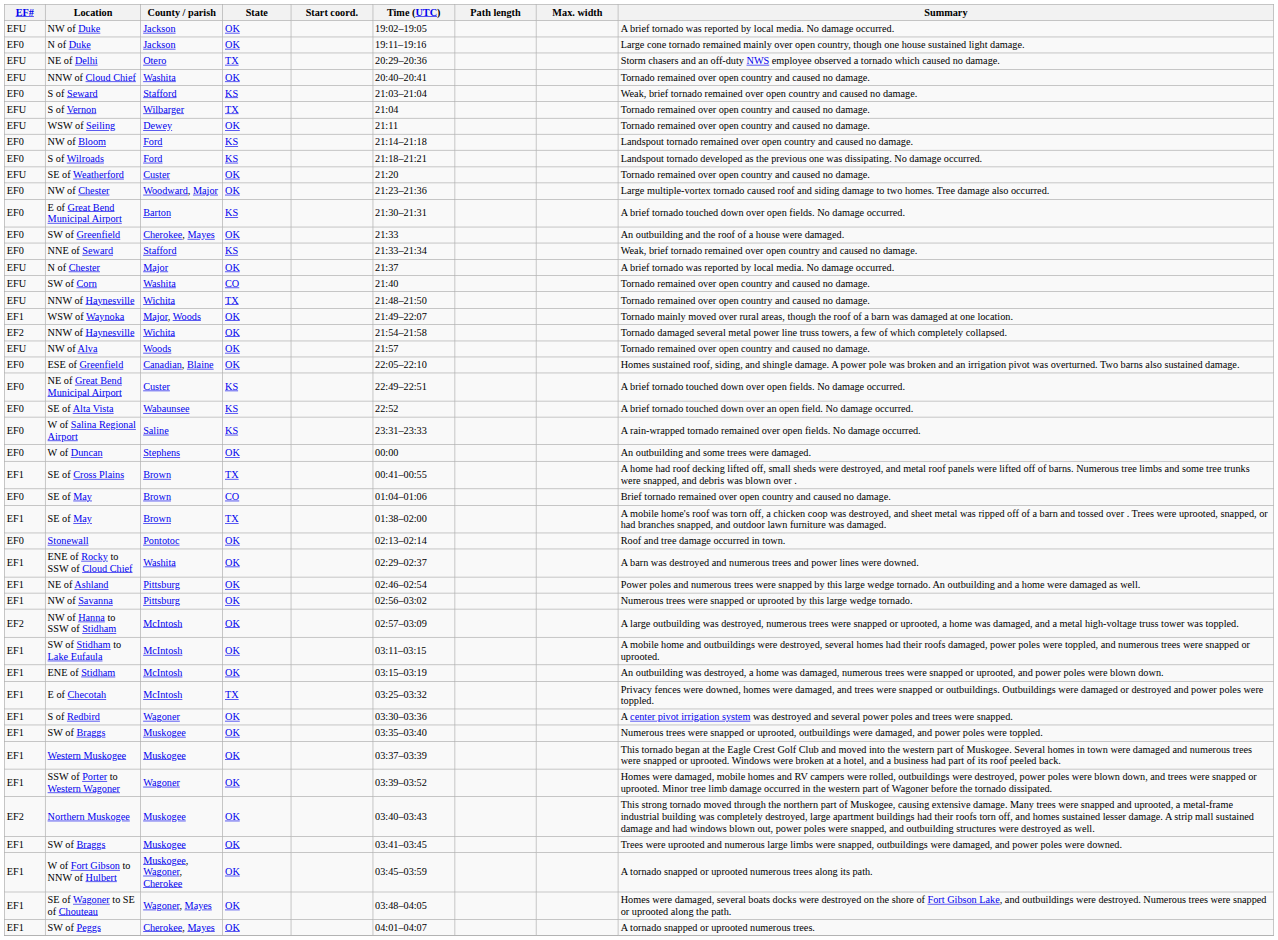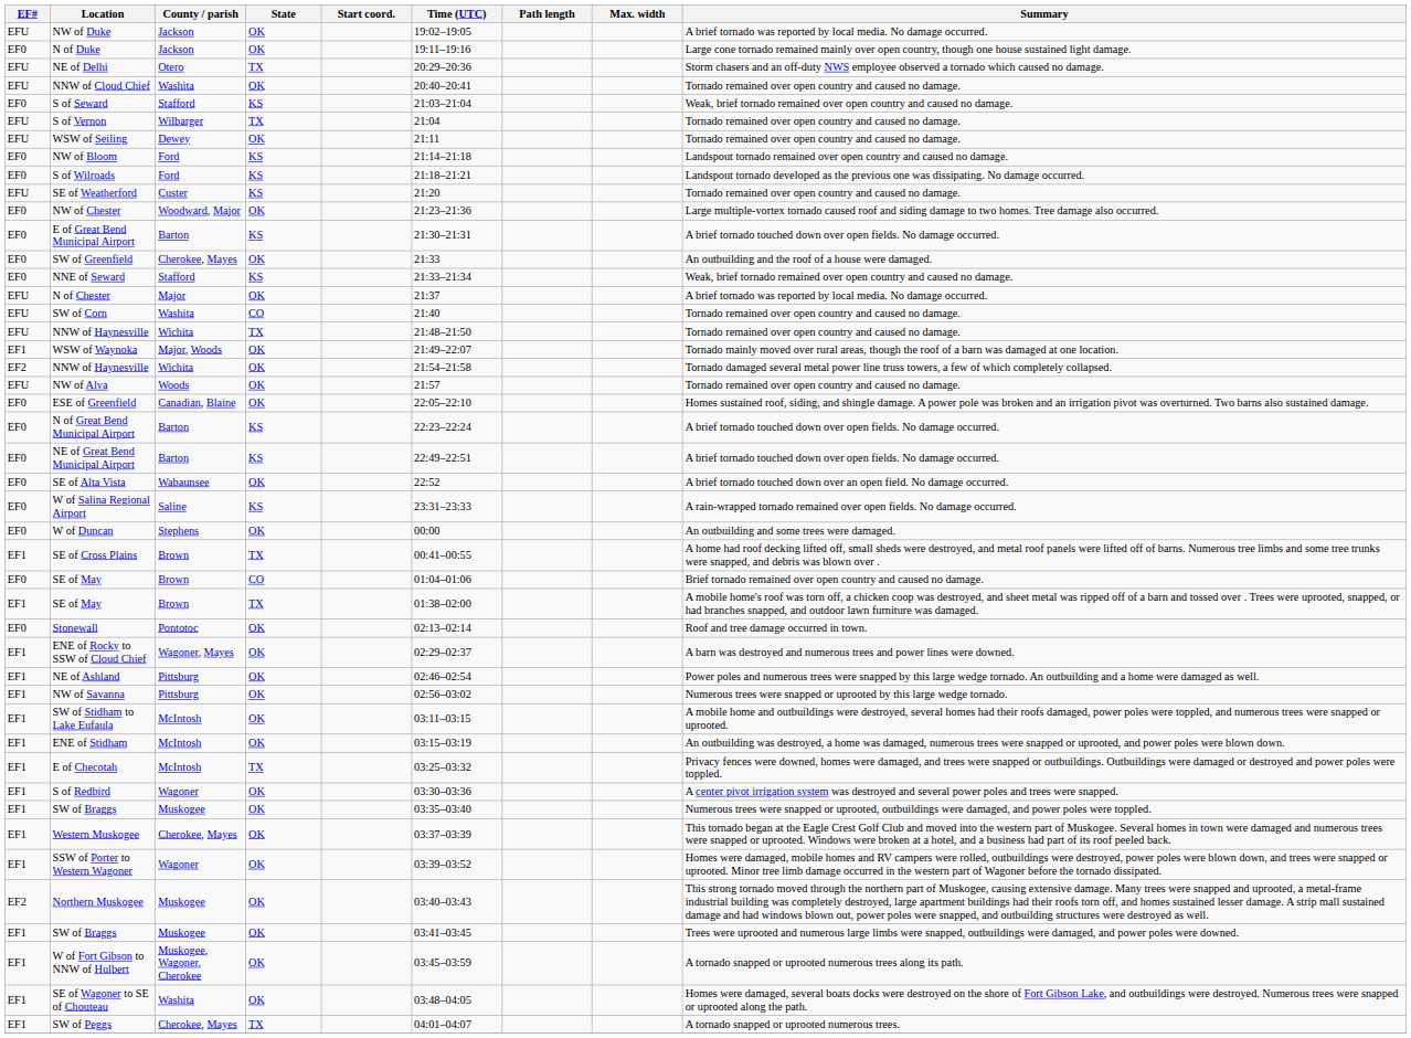 <table class="wikitable sortable" style="width:100%;">
 <tr>
 <th scope="col"  style="width:3%; text-align:center;"><a href='#'>EF#</a></th>
 <th scope="col"  style="width:7%; text-align:center;" class="unsortable">Location</th>
 <th scope="col"  style="width:6%; text-align:center;" class="unsortable">County / parish</th>
 <th scope="col"  style="width:5%; text-align:center;">State</th>
 <th scope="col"  style="width:6%; text-align:center;">Start coord.</th>
 <th scope="col"  style="width:6%; text-align:center;">Time (<a href='#'>UTC</a>)</th>
 <th scope="col"  style="width:6%; text-align:center;">Path length</th>
 <th scope="col"  style="width:6%; text-align:center;">Max. width</th>
 <th scope="col" class="unsortable" style="width:48%; text-align:center;">Summary</th>
 </tr>
 <tr>
 <td>EFU</td>
 <td>NW of <a href='#'>Duke</a></td>
 <td><a href='#'>Jackson</a></td>
 <td><a href='#'>OK</a></td>
 <td></td>
 <td>19:02–19:05</td>
 <td></td>
 <td></td>
 <td>A brief tornado was reported by local media. No damage occurred.</td>
 </tr>
 <tr>
 <td>EF0</td>
 <td>N of <a href='#'>Duke</a></td>
 <td><a href='#'>Jackson</a></td>
 <td><a href='#'>OK</a></td>
 <td></td>
 <td>19:11–19:16</td>
 <td></td>
 <td></td>
 <td>Large cone tornado remained mainly over open country, though one house sustained light damage.</td>
 </tr>
 <tr>
 <td>EFU</td>
 <td>NE of <a href='#'>Delhi</a></td>
 <td><a href='#'>Otero</a></td>
 <td><a href='#'>TX</a></td>
 <td></td>
 <td>20:29–20:36</td>
 <td></td>
 <td></td>
 <td>Storm chasers and an off-duty <a href='#'>NWS</a> employee observed a tornado which caused no damage.</td>
 </tr>
 <tr>
 <td>EFU</td>
 <td>NNW of <a href='#'>Cloud Chief</a></td>
 <td><a href='#'>Washita</a></td>
 <td><a href='#'>OK</a></td>
 <td></td>
 <td>20:40–20:41</td>
 <td></td>
 <td></td>
 <td>Tornado remained over open country and caused no damage.</td>
 </tr>
 <tr>
 <td>EF0</td>
 <td>S of <a href='#'>Seward</a></td>
 <td><a href='#'>Stafford</a></td>
 <td><a href='#'>KS</a></td>
 <td></td>
 <td>21:03–21:04</td>
 <td></td>
 <td></td>
 <td>Weak, brief tornado remained over open country and caused no damage.</td>
 </tr>
 <tr>
 <td>EFU</td>
 <td>S of <a href='#'>Vernon</a></td>
 <td><a href='#'>Wilbarger</a></td>
 <td><a href='#'>TX</a></td>
 <td></td>
 <td>21:04</td>
 <td></td>
 <td></td>
 <td>Tornado remained over open country and caused no damage.</td>
 </tr>
 <tr>
 <td>EFU</td>
 <td>WSW of <a href='#'>Seiling</a></td>
 <td><a href='#'>Dewey</a></td>
 <td><a href='#'>OK</a></td>
 <td></td>
 <td>21:11</td>
 <td></td>
 <td></td>
 <td>Tornado remained over open country and caused no damage.</td>
 </tr>
 <tr>
 <td>EF0</td>
 <td>NW of <a href='#'>Bloom</a></td>
 <td><a href='#'>Ford</a></td>
 <td><a href='#'>KS</a></td>
 <td></td>
 <td>21:14–21:18</td>
 <td></td>
 <td></td>
 <td>Landspout tornado remained over open country and caused no damage.</td>
 </tr>
 <tr>
 <td>EF0</td>
 <td>S of <a href='#'>Wilroads</a></td>
 <td><a href='#'>Ford</a></td>
 <td><a href='#'>KS</a></td>
 <td></td>
 <td>21:18–21:21</td>
 <td></td>
 <td></td>
 <td>Landspout tornado developed as the previous one was dissipating. No damage occurred.</td>
 </tr>
 <tr>
 <td>EFU</td>
 <td>SE of <a href='#'>Weatherford</a></td>
 <td><a href='#'>Custer</a></td>
-<td><a href='#'>OK</a></td>
+<td><a href='#'>KS</a></td>
 <td></td>
 <td>21:20</td>
 <td></td>
 <td></td>
 <td>Tornado remained over open country and caused no damage.</td>
 </tr>
 <tr>
 <td>EF0</td>
 <td>NW of <a href='#'>Chester</a></td>
 <td><a href='#'>Woodward</a>, <a href='#'>Major</a></td>
 <td><a href='#'>OK</a></td>
 <td></td>
 <td>21:23–21:36</td>
 <td></td>
 <td></td>
 <td>Large multiple-vortex tornado caused roof and siding damage to two homes. Tree damage also occurred.</td>
 </tr>
 <tr>
 <td>EF0</td>
 <td>E of <a href='#'>Great Bend Municipal Airport</a></td>
 <td><a href='#'>Barton</a></td>
 <td><a href='#'>KS</a></td>
 <td></td>
 <td>21:30–21:31</td>
 <td></td>
 <td></td>
 <td>A brief tornado touched down over open fields. No damage occurred.</td>
 </tr>
 <tr>
 <td>EF0</td>
 <td>SW of <a href='#'>Greenfield</a></td>
 <td><a href='#'>Cherokee</a>, <a href='#'>Mayes</a></td>
 <td><a href='#'>OK</a></td>
 <td></td>
 <td>21:33</td>
 <td></td>
 <td></td>
 <td>An outbuilding and the roof of a house were damaged.</td>
 </tr>
 <tr>
 <td>EF0</td>
 <td>NNE of <a href='#'>Seward</a></td>
 <td><a href='#'>Stafford</a></td>
 <td><a href='#'>KS</a></td>
 <td></td>
 <td>21:33–21:34</td>
 <td></td>
 <td></td>
 <td>Weak, brief tornado remained over open country and caused no damage.</td>
 </tr>
 <tr>
 <td>EFU</td>
 <td>N of <a href='#'>Chester</a></td>
 <td><a href='#'>Major</a></td>
 <td><a href='#'>OK</a></td>
 <td></td>
 <td>21:37</td>
 <td></td>
 <td></td>
 <td>A brief tornado was reported by local media. No damage occurred.</td>
 </tr>
 <tr>
 <td>EFU</td>
 <td>SW of <a href='#'>Corn</a></td>
 <td><a href='#'>Washita</a></td>
 <td><a href='#'>CO</a></td>
 <td></td>
 <td>21:40</td>
 <td></td>
 <td></td>
 <td>Tornado remained over open country and caused no damage.</td>
 </tr>
 <tr>
 <td>EFU</td>
 <td>NNW of <a href='#'>Haynesville</a></td>
 <td><a href='#'>Wichita</a></td>
 <td><a href='#'>TX</a></td>
 <td></td>
 <td>21:48–21:50</td>
 <td></td>
 <td></td>
 <td>Tornado remained over open country and caused no damage.</td>
 </tr>
 <tr>
 <td>EF1</td>
 <td>WSW of <a href='#'>Waynoka</a></td>
 <td><a href='#'>Major</a>, <a href='#'>Woods</a></td>
 <td><a href='#'>OK</a></td>
 <td></td>
 <td>21:49–22:07</td>
 <td></td>
 <td></td>
 <td>Tornado mainly moved over rural areas, though the roof of a barn was damaged at one location.</td>
 </tr>
 <tr>
 <td>EF2</td>
 <td>NNW of <a href='#'>Haynesville</a></td>
 <td><a href='#'>Wichita</a></td>
 <td><a href='#'>OK</a></td>
 <td></td>
 <td>21:54–21:58</td>
 <td></td>
 <td></td>
 <td>Tornado damaged several metal power line truss towers, a few of which completely collapsed.</td>
 </tr>
 <tr>
 <td>EFU</td>
 <td>NW of <a href='#'>Alva</a></td>
 <td><a href='#'>Woods</a></td>
 <td><a href='#'>OK</a></td>
 <td></td>
 <td>21:57</td>
 <td></td>
 <td></td>
 <td>Tornado remained over open country and caused no damage.</td>
 </tr>
 <tr>
 <td>EF0</td>
 <td>ESE of <a href='#'>Greenfield</a></td>
 <td><a href='#'>Canadian</a>, <a href='#'>Blaine</a></td>
 <td><a href='#'>OK</a></td>
 <td></td>
 <td>22:05–22:10</td>
 <td></td>
 <td></td>
 <td>Homes sustained roof, siding, and shingle damage. A power pole was broken and an irrigation pivot was overturned. Two barns also sustained damage.</td>
 </tr>
 <tr>
 <td>EF0</td>
+<td>N of <a href='#'>Great Bend Municipal Airport</a></td>
+<td><a href='#'>Barton</a></td>
+<td><a href='#'>KS</a></td>
+<td></td>
+<td>22:23–22:24</td>
+<td></td>
+<td></td>
+<td>A brief tornado touched down over open fields. No damage occurred.</td>
+</tr>
+<tr>
+<td>EF0</td>
 <td>NE of <a href='#'>Great Bend Municipal Airport</a></td>
-<td><a href='#'>Custer</a></td>
+<td><a href='#'>Barton</a></td>
 <td><a href='#'>KS</a></td>
 <td></td>
 <td>22:49–22:51</td>
 <td></td>
 <td></td>
 <td>A brief tornado touched down over open fields. No damage occurred.</td>
 </tr>
 <tr>
 <td>EF0</td>
 <td>SE of <a href='#'>Alta Vista</a></td>
 <td><a href='#'>Wabaunsee</a></td>
-<td><a href='#'>KS</a></td>
+<td><a href='#'>OK</a></td>
 <td></td>
 <td>22:52</td>
 <td></td>
 <td></td>
 <td>A brief tornado touched down over an open field. No damage occurred.</td>
 </tr>
 <tr>
 <td>EF0</td>
 <td>W of <a href='#'>Salina Regional Airport</a></td>
 <td><a href='#'>Saline</a></td>
 <td><a href='#'>KS</a></td>
 <td></td>
 <td>23:31–23:33</td>
 <td></td>
 <td></td>
 <td>A rain-wrapped tornado remained over open fields. No damage occurred.</td>
 </tr>
 <tr>
 <td>EF0</td>
 <td>W of <a href='#'>Duncan</a></td>
 <td><a href='#'>Stephens</a></td>
 <td><a href='#'>OK</a></td>
 <td></td>
 <td>00:00</td>
 <td></td>
 <td></td>
 <td>An outbuilding and some trees were damaged.</td>
 </tr>
 <tr>
 <td>EF1</td>
 <td>SE of <a href='#'>Cross Plains</a></td>
 <td><a href='#'>Brown</a></td>
 <td><a href='#'>TX</a></td>
 <td></td>
 <td>00:41–00:55</td>
 <td></td>
 <td></td>
 <td>A home had roof decking lifted off, small sheds were destroyed, and metal roof panels were lifted off of barns. Numerous tree limbs and some tree trunks were snapped, and debris was blown over .</td>
 </tr>
 <tr>
 <td>EF0</td>
 <td>SE of <a href='#'>May</a></td>
 <td><a href='#'>Brown</a></td>
 <td><a href='#'>CO</a></td>
 <td></td>
 <td>01:04–01:06</td>
 <td></td>
 <td></td>
 <td>Brief tornado remained over open country and caused no damage.</td>
 </tr>
 <tr>
 <td>EF1</td>
 <td>SE of <a href='#'>May</a></td>
 <td><a href='#'>Brown</a></td>
 <td><a href='#'>TX</a></td>
 <td></td>
 <td>01:38–02:00</td>
 <td></td>
 <td></td>
 <td>A mobile home's roof was torn off, a chicken coop was destroyed, and sheet metal was ripped off of a barn and tossed over . Trees were uprooted, snapped, or had branches snapped, and outdoor lawn furniture was damaged.</td>
 </tr>
 <tr>
 <td>EF0</td>
 <td><a href='#'>Stonewall</a></td>
 <td><a href='#'>Pontotoc</a></td>
 <td><a href='#'>OK</a></td>
 <td></td>
 <td>02:13–02:14</td>
 <td></td>
 <td></td>
 <td>Roof and tree damage occurred in town.</td>
 </tr>
 <tr>
 <td>EF1</td>
 <td>ENE of <a href='#'>Rocky</a> to SSW of <a href='#'>Cloud Chief</a></td>
-<td><a href='#'>Washita</a></td>
+<td><a href='#'>Wagoner</a>, <a href='#'>Mayes</a></td>
 <td><a href='#'>OK</a></td>
 <td></td>
 <td>02:29–02:37</td>
 <td></td>
 <td></td>
 <td>A barn was destroyed and numerous trees and power lines were downed.</td>
 </tr>
 <tr>
 <td>EF1</td>
 <td>NE of <a href='#'>Ashland</a></td>
 <td><a href='#'>Pittsburg</a></td>
 <td><a href='#'>OK</a></td>
 <td></td>
 <td>02:46–02:54</td>
 <td></td>
 <td></td>
 <td>Power poles and numerous trees were snapped by this large wedge tornado. An outbuilding and a home were damaged as well.</td>
 </tr>
 <tr>
 <td>EF1</td>
 <td>NW of <a href='#'>Savanna</a></td>
 <td><a href='#'>Pittsburg</a></td>
 <td><a href='#'>OK</a></td>
 <td></td>
 <td>02:56–03:02</td>
 <td></td>
 <td></td>
 <td>Numerous trees were snapped or uprooted by this large wedge tornado.</td>
-</tr>
-<tr>
-<td>EF2</td>
-<td>NW of <a href='#'>Hanna</a> to SSW of <a href='#'>Stidham</a></td>
-<td><a href='#'>McIntosh</a></td>
-<td><a href='#'>OK</a></td>
-<td></td>
-<td>02:57–03:09</td>
-<td></td>
-<td></td>
-<td>A large outbuilding was destroyed, numerous trees were snapped or uprooted, a home was damaged, and a metal high-voltage truss tower was toppled.</td>
 </tr>
 <tr>
 <td>EF1</td>
 <td>SW of <a href='#'>Stidham</a> to <a href='#'>Lake Eufaula</a></td>
 <td><a href='#'>McIntosh</a></td>
 <td><a href='#'>OK</a></td>
 <td></td>
 <td>03:11–03:15</td>
 <td></td>
 <td></td>
 <td>A mobile home and outbuildings were destroyed, several homes had their roofs damaged, power poles were toppled, and numerous trees were snapped or uprooted.</td>
 </tr>
 <tr>
 <td>EF1</td>
 <td>ENE of <a href='#'>Stidham</a></td>
 <td><a href='#'>McIntosh</a></td>
 <td><a href='#'>OK</a></td>
 <td></td>
 <td>03:15–03:19</td>
 <td></td>
 <td></td>
 <td>An outbuilding was destroyed, a home was damaged, numerous trees were snapped or uprooted, and power poles were blown down.</td>
 </tr>
 <tr>
 <td>EF1</td>
 <td>E of <a href='#'>Checotah</a></td>
 <td><a href='#'>McIntosh</a></td>
 <td><a href='#'>TX</a></td>
 <td></td>
 <td>03:25–03:32</td>
 <td></td>
 <td></td>
 <td>Privacy fences were downed, homes were damaged, and trees were snapped or outbuildings. Outbuildings were damaged or destroyed and power poles were toppled.</td>
 </tr>
 <tr>
 <td>EF1</td>
 <td>S of <a href='#'>Redbird</a></td>
 <td><a href='#'>Wagoner</a></td>
 <td><a href='#'>OK</a></td>
 <td></td>
 <td>03:30–03:36</td>
 <td></td>
 <td></td>
 <td>A <a href='#'>center pivot irrigation system</a> was destroyed and several power poles and trees were snapped.</td>
 </tr>
 <tr>
 <td>EF1</td>
 <td>SW of <a href='#'>Braggs</a></td>
 <td><a href='#'>Muskogee</a></td>
 <td><a href='#'>OK</a></td>
 <td></td>
 <td>03:35–03:40</td>
 <td></td>
 <td></td>
 <td>Numerous trees were snapped or uprooted, outbuildings were damaged, and power poles were toppled.</td>
 </tr>
 <tr>
 <td>EF1</td>
 <td><a href='#'>Western Muskogee</a></td>
-<td><a href='#'>Muskogee</a></td>
+<td><a href='#'>Cherokee</a>, <a href='#'>Mayes</a></td>
 <td><a href='#'>OK</a></td>
 <td></td>
 <td>03:37–03:39</td>
 <td></td>
 <td></td>
 <td>This tornado began at the Eagle Crest Golf Club and moved into the western part of Muskogee. Several homes in town were damaged and numerous trees were snapped or uprooted. Windows were broken at a hotel, and a business had part of its roof peeled back.</td>
 </tr>
 <tr>
 <td>EF1</td>
 <td>SSW of <a href='#'>Porter</a> to <a href='#'>Western Wagoner</a></td>
 <td><a href='#'>Wagoner</a></td>
 <td><a href='#'>OK</a></td>
 <td></td>
 <td>03:39–03:52</td>
 <td></td>
 <td></td>
 <td>Homes were damaged, mobile homes and RV campers were rolled, outbuildings were destroyed, power poles were blown down, and trees were snapped or uprooted. Minor tree limb damage occurred in the western part of Wagoner before the tornado dissipated.</td>
 </tr>
 <tr>
 <td>EF2</td>
 <td><a href='#'>Northern Muskogee</a></td>
 <td><a href='#'>Muskogee</a></td>
 <td><a href='#'>OK</a></td>
 <td></td>
 <td>03:40–03:43</td>
 <td></td>
 <td></td>
 <td>This strong tornado moved through the northern part of Muskogee, causing extensive damage. Many trees were snapped and uprooted, a metal-frame industrial building was completely destroyed, large apartment buildings had their roofs torn off, and homes sustained lesser damage. A strip mall sustained damage and had windows blown out, power poles were snapped, and outbuilding structures were destroyed as well.</td>
 </tr>
 <tr>
 <td>EF1</td>
 <td>SW of <a href='#'>Braggs</a></td>
 <td><a href='#'>Muskogee</a></td>
 <td><a href='#'>OK</a></td>
 <td></td>
 <td>03:41–03:45</td>
 <td></td>
 <td></td>
 <td>Trees were uprooted and numerous large limbs were snapped, outbuildings were damaged, and power poles were downed.</td>
 </tr>
 <tr>
 <td>EF1</td>
 <td>W of <a href='#'>Fort Gibson</a> to NNW of <a href='#'>Hulbert</a></td>
 <td><a href='#'>Muskogee</a>, <a href='#'>Wagoner</a>, <a href='#'>Cherokee</a></td>
 <td><a href='#'>OK</a></td>
 <td></td>
 <td>03:45–03:59</td>
 <td></td>
 <td></td>
 <td>A tornado snapped or uprooted numerous trees along its path.</td>
 </tr>
 <tr>
 <td>EF1</td>
 <td>SE of <a href='#'>Wagoner</a> to SE of <a href='#'>Chouteau</a></td>
-<td><a href='#'>Wagoner</a>, <a href='#'>Mayes</a></td>
+<td><a href='#'>Washita</a></td>
 <td><a href='#'>OK</a></td>
 <td></td>
 <td>03:48–04:05</td>
 <td></td>
 <td></td>
 <td>Homes were damaged, several boats docks were destroyed on the shore of <a href='#'>Fort Gibson Lake</a>, and outbuildings were destroyed. Numerous trees were snapped or uprooted along the path.</td>
 </tr>
 <tr>
 <td>EF1</td>
 <td>SW of <a href='#'>Peggs</a></td>
 <td><a href='#'>Cherokee</a>, <a href='#'>Mayes</a></td>
-<td><a href='#'>OK</a></td>
+<td><a href='#'>TX</a></td>
 <td></td>
 <td>04:01–04:07</td>
 <td></td>
 <td></td>
 <td>A tornado snapped or uprooted numerous trees.</td>
 </tr>
 <tr>
 </tr>
 </table>
